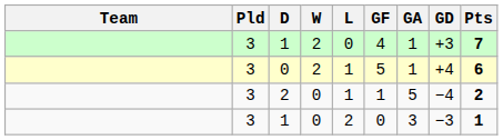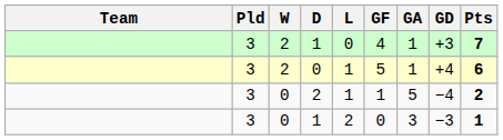 <table class="wikitable" style="text-align:center;">
 <tr>
 <th width=180>Team</th>
 <th width=20>Pld</th>
+<th width=20>W</th>
 <th width=20>D</th>
-<th width=20>W</th>
 <th width=20>L</th>
 <th width=20>GF</th>
 <th width=20>GA</th>
 <th width=20>GD</th>
 <th width=20>Pts</th>
 </tr>
 <tr bgcolor="ccffcc">
 <td align="left"></td>
 <td>3</td>
+<td>2</td>
 <td>1</td>
-<td>2</td>
 <td>0</td>
 <td>4</td>
 <td>1</td>
 <td>+3</td>
 <td><strong>7</strong></td>
 </tr>
 <tr bgcolor="ffffcc">
 <td align="left"><em></em></td>
 <td>3</td>
+<td>2</td>
 <td>0</td>
-<td>2</td>
 <td>1</td>
 <td>5</td>
 <td>1</td>
 <td>+4</td>
 <td><strong>6</strong></td>
 </tr>
 <tr>
 <td align="left"></td>
 <td>3</td>
+<td>0</td>
 <td>2</td>
-<td>0</td>
 <td>1</td>
 <td>1</td>
 <td>5</td>
 <td>−4</td>
 <td><strong>2</strong></td>
 </tr>
 <tr>
 <td align="left"></td>
 <td>3</td>
+<td>0</td>
 <td>1</td>
-<td>0</td>
 <td>2</td>
 <td>0</td>
 <td>3</td>
 <td>−3</td>
 <td><strong>1</strong></td>
 </tr>
 </table>
